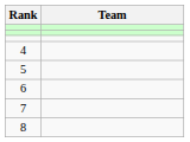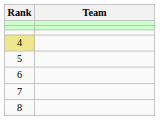 <table class="wikitable" style="text-align: center;">
 <tr>
 <th width=40>Rank</th>
 <th width=180>Team</th>
 </tr>
 <tr bgcolor=#CCFFCC>
 <td></td>
 <td style="text-align:left;"></td>
 </tr>
 <tr bgcolor=#CCFFCC>
 <td></td>
 <td style="text-align:left;"></td>
 </tr>
 <tr>
 <td></td>
 <td style="text-align:left;"></td>
 </tr>
 <tr>
-<td>4</td>
+<td style="background: khaki;">4</td>
 <td style="text-align:left;"></td>
 </tr>
 <tr>
 <td>5</td>
 <td style="text-align:left;"></td>
 </tr>
 <tr>
 <td>6</td>
 <td style="text-align:left;"></td>
 </tr>
 <tr>
 <td>7</td>
 <td style="text-align:left;"></td>
 </tr>
 <tr>
 <td>8</td>
 <td style="text-align:left;"></td>
 </tr>
 </table>
